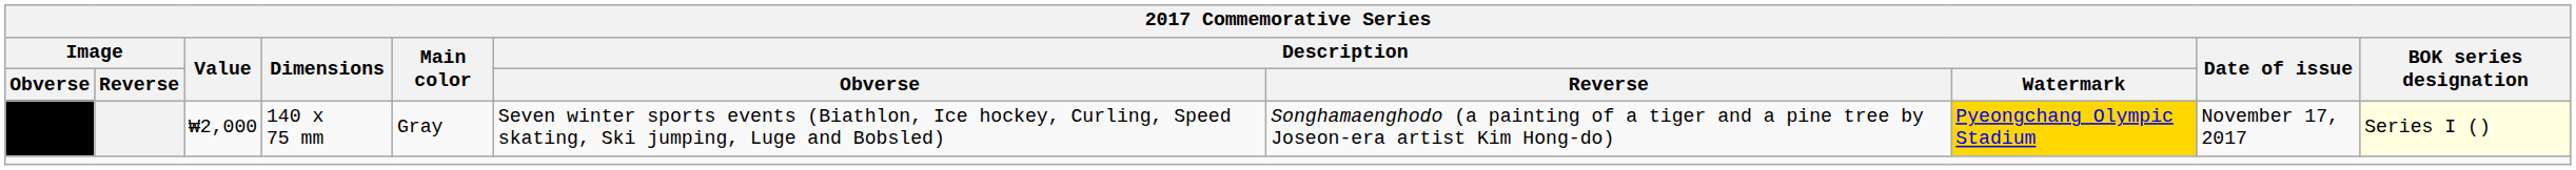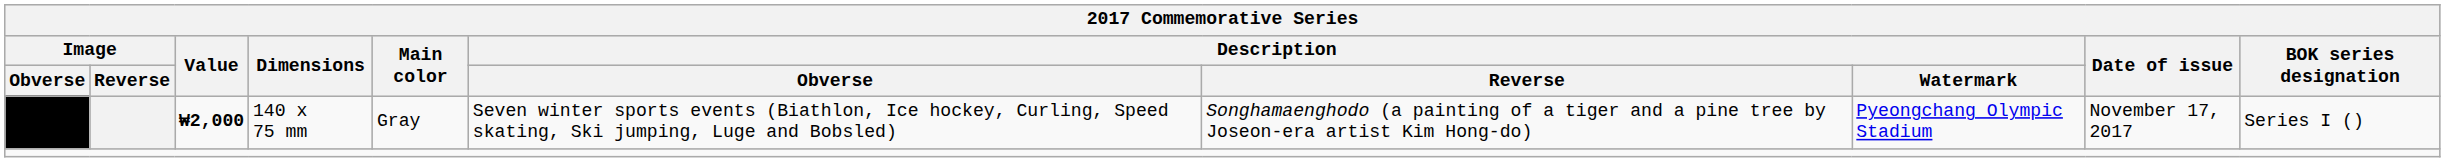 <table class="wikitable" style="font-size: 90%">
 <tr>
 <th colspan="10">2017 Commemorative Series </th>
 </tr>
 <tr>
 <th colspan="2">Image</th>
 <th rowspan="2">Value</th>
 <th rowspan="2">Dimensions</th>
 <th rowspan="2">Main color</th>
 <th colspan="3">Description</th>
 <th rowspan="2">Date of issue</th>
 <th rowspan="2">BOK series designation</th>
 </tr>
 <tr>
 <th>Obverse</th>
 <th>Reverse</th>
 <th>Obverse</th>
 <th>Reverse</th>
 <th>Watermark</th>
 </tr>
 <tr>
 <td align="center" bgcolor="#000000"></td>
 <th align="center" bgcolor="#000000"></th>
-<td>₩2,000</td>
+<td><strong>₩2,000</strong></td>
 <td>140 x 75 mm</td>
 <td>Gray</td>
 <td>Seven winter sports events (Biathlon, Ice hockey, Curling, Speed skating, Ski jumping, Luge and Bobsled)</td>
 <td><em>Songhamaenghodo</em> (a painting of a tiger and a pine tree by Joseon-era artist Kim Hong-do)</td>
-<td style="background: gold;"><a href='#'>Pyeongchang Olympic Stadium</a></td>
+<td><a href='#'>Pyeongchang Olympic Stadium</a></td>
 <td>November 17, 2017</td>
-<td style="background: lightyellow;">Series I ()</td>
+<td>Series I ()</td>
 </tr>
 <tr>
 <td colspan="10"></td>
 </tr>
 </table>
